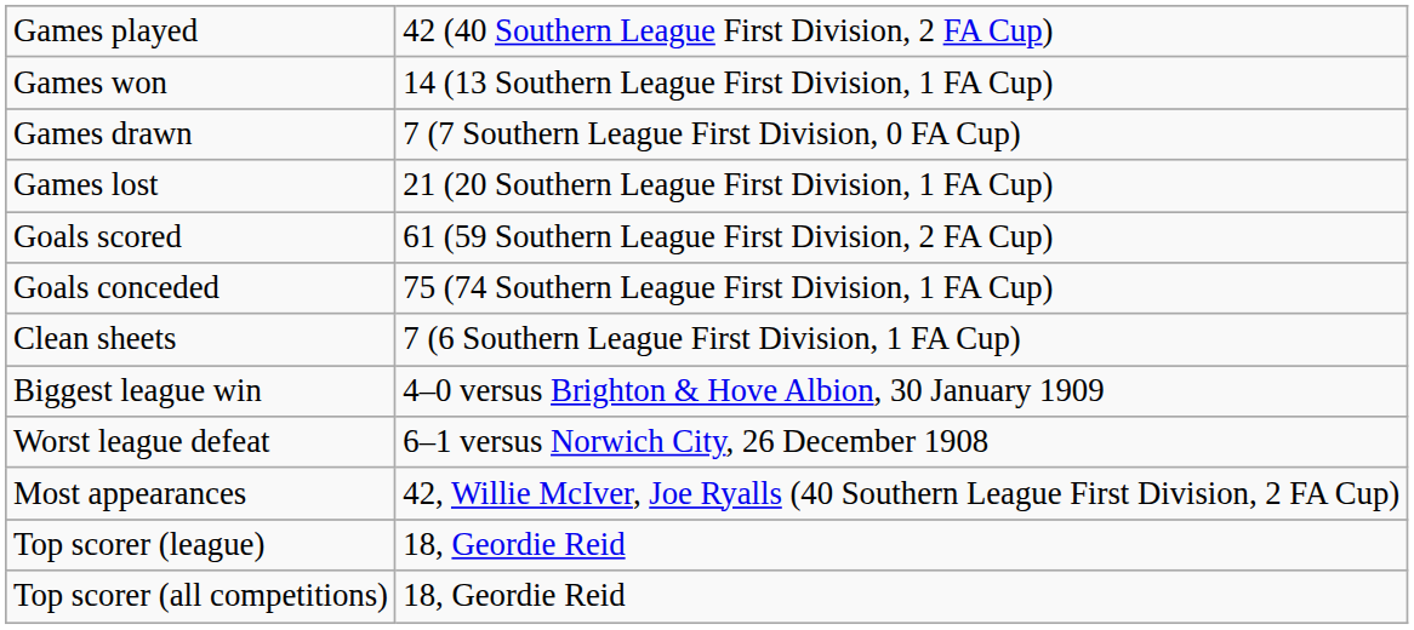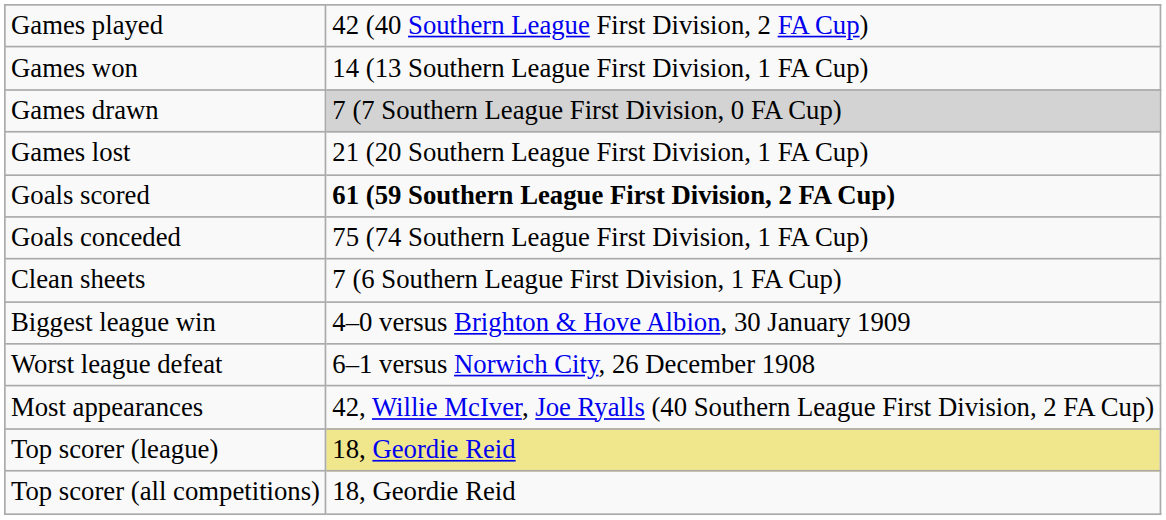 <table class="wikitable">
 <tr>
 <td>Games played</td>
 <td>42 (40 <a href='#'>Southern League</a> First Division, 2 <a href='#'>FA Cup</a>)</td>
 </tr>
 <tr>
 <td>Games won</td>
 <td>14 (13 Southern League First Division, 1 FA Cup)</td>
 </tr>
 <tr>
 <td>Games drawn</td>
-<td>7 (7 Southern League First Division, 0 FA Cup)</td>
+<td style="background: lightgrey;">7 (7 Southern League First Division, 0 FA Cup)</td>
 </tr>
 <tr>
 <td>Games lost</td>
 <td>21 (20 Southern League First Division, 1 FA Cup)</td>
 </tr>
 <tr>
 <td>Goals scored</td>
-<td>61 (59 Southern League First Division, 2 FA Cup)</td>
+<td><strong>61 (59 Southern League First Division, 2 FA Cup)</strong></td>
 </tr>
 <tr>
 <td>Goals conceded</td>
 <td>75 (74 Southern League First Division, 1 FA Cup)</td>
 </tr>
 <tr>
 <td>Clean sheets</td>
 <td>7 (6 Southern League First Division, 1 FA Cup)</td>
 </tr>
 <tr>
 <td>Biggest league win</td>
 <td>4–0 versus <a href='#'>Brighton & Hove Albion</a>, 30 January 1909</td>
 </tr>
 <tr>
 <td>Worst league defeat</td>
 <td>6–1 versus <a href='#'>Norwich City</a>, 26 December 1908</td>
 </tr>
 <tr>
 <td>Most appearances</td>
 <td>42, <a href='#'>Willie McIver</a>, <a href='#'>Joe Ryalls</a> (40 Southern League First Division, 2 FA Cup)</td>
 </tr>
 <tr>
 <td>Top scorer (league)</td>
-<td>18, <a href='#'>Geordie Reid</a></td>
+<td style="background: khaki;">18, <a href='#'>Geordie Reid</a></td>
 </tr>
 <tr>
 <td>Top scorer (all competitions)</td>
 <td>18, Geordie Reid</td>
 </tr>
 </table>
